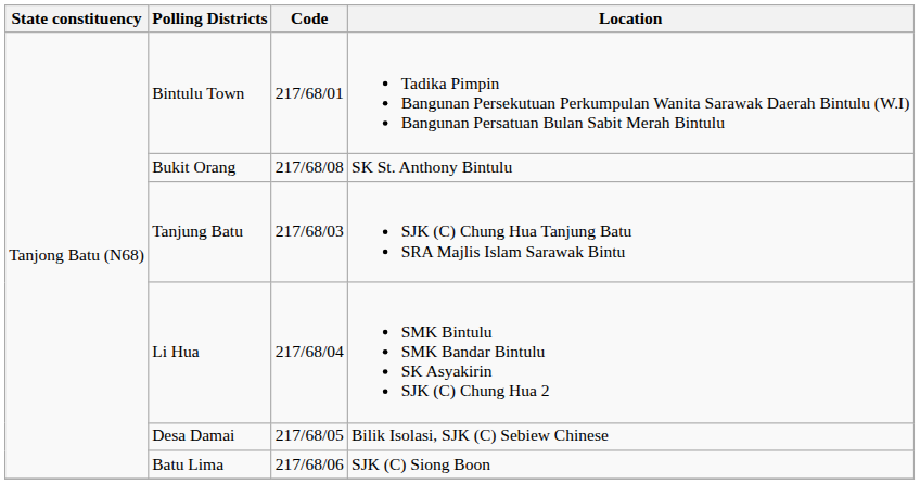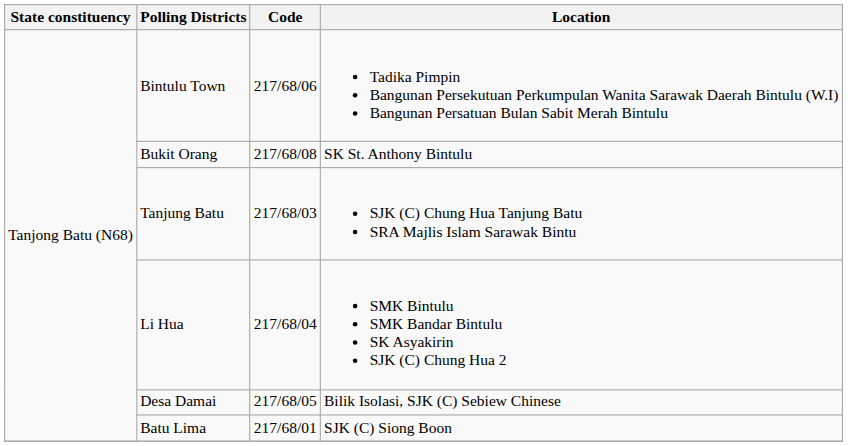 <table class="wikitable sortable mw-collapsible" style="white-space:nowrap;font-size:85%">
 <tr>
 <th>State constituency</th>
 <th>Polling Districts</th>
 <th>Code</th>
 <th>Location</th>
 </tr>
 <tr>
 <td rowspan="6">Tanjong Batu (N68)</td>
 <td>Bintulu Town</td>
-<td>217/68/01</td>
+<td>217/68/06</td>
 <td><br><ul><li>Tadika Pimpin</li><li>Bangunan Persekutuan Perkumpulan Wanita Sarawak Daerah Bintulu (W.I)</li><li>Bangunan Persatuan Bulan Sabit Merah Bintulu</li></ul></td>
 </tr>
 <tr>
 <td>Bukit Orang</td>
 <td>217/68/08</td>
 <td>SK St. Anthony Bintulu</td>
 </tr>
 <tr>
 <td>Tanjung Batu</td>
 <td>217/68/03</td>
 <td><br><ul><li>SJK (C) Chung Hua Tanjung Batu</li><li>SRA Majlis Islam Sarawak Bintu</li></ul></td>
 </tr>
 <tr>
 <td>Li Hua</td>
 <td>217/68/04</td>
 <td><br><ul><li>SMK Bintulu</li><li>SMK Bandar Bintulu</li><li>SK Asyakirin</li><li>SJK (C) Chung Hua 2</li></ul></td>
 </tr>
 <tr>
 <td>Desa Damai</td>
 <td>217/68/05</td>
 <td>Bilik Isolasi, SJK (C) Sebiew Chinese</td>
 </tr>
 <tr>
 <td>Batu Lima</td>
-<td>217/68/06</td>
+<td>217/68/01</td>
 <td>SJK (C) Siong Boon</td>
 </tr>
 <tr>
 </tr>
 </table>
